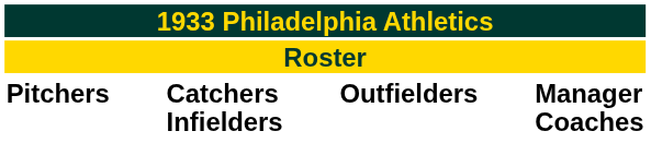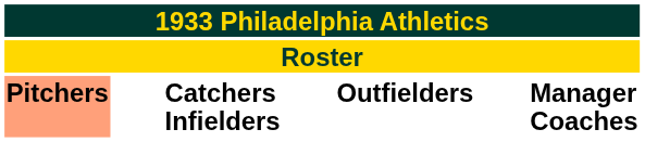 <table class="toccolours" style="font-size: 95%;">
 <tr>
 <th colspan="10" style="background-color: #003831; color: #FFD800; text-align: center;">1933 Philadelphia Athletics</th>
 </tr>
 <tr>
 <td colspan="10" style="background-color: #FFD800; color: #003831; text-align: center;"><strong>Roster</strong></td>
 </tr>
 <tr>
-<td valign="top"><strong>Pitchers</strong><br>               </td>
+<td valign="top" style="background: lightsalmon;"><strong>Pitchers</strong><br>               </td>
 <td width="25px"></td>
 <td valign="top"><strong>Catchers</strong><br>   <strong>Infielders</strong>      </td>
 <td width="25px"></td>
 <td valign="top"><strong>Outfielders</strong><br>     </td>
 <td width="25px"></td>
 <td valign="top"><strong>Manager</strong><br> <strong>Coaches</strong>   </td>
 </tr>
 </table>
